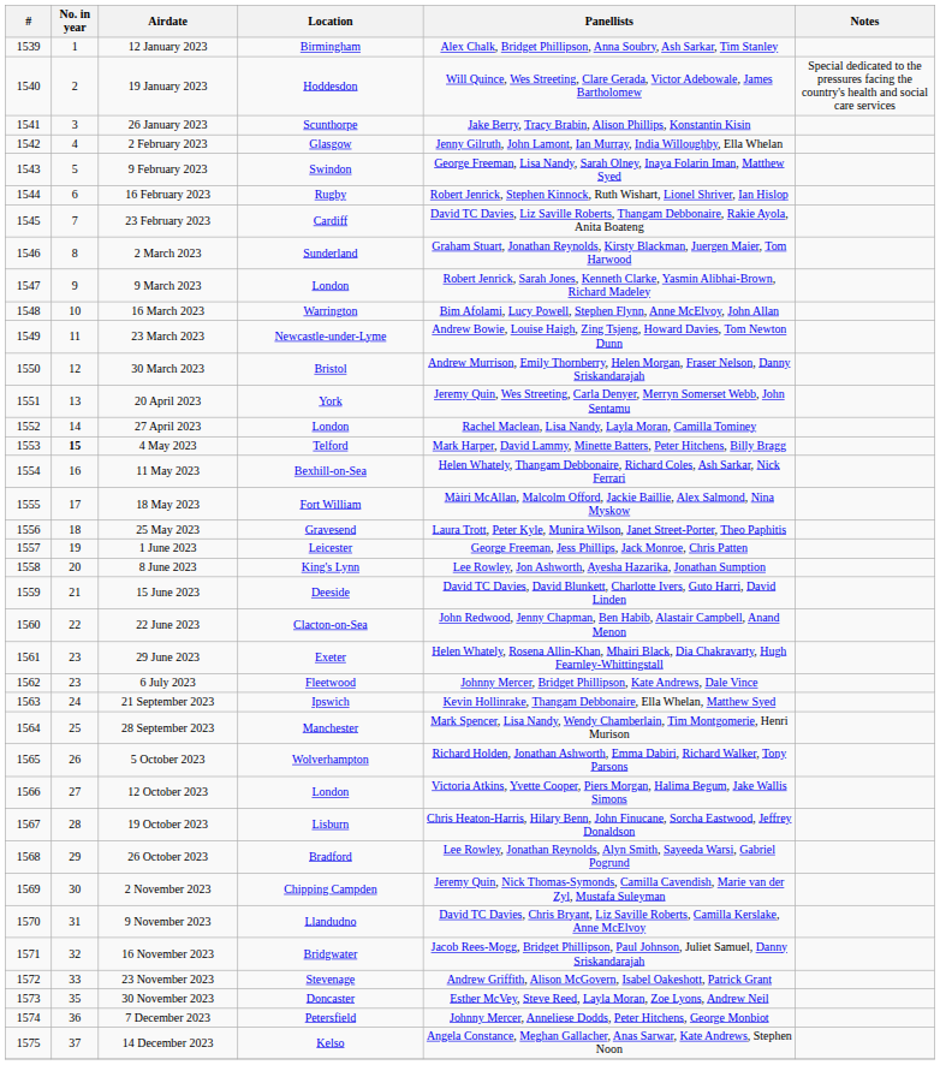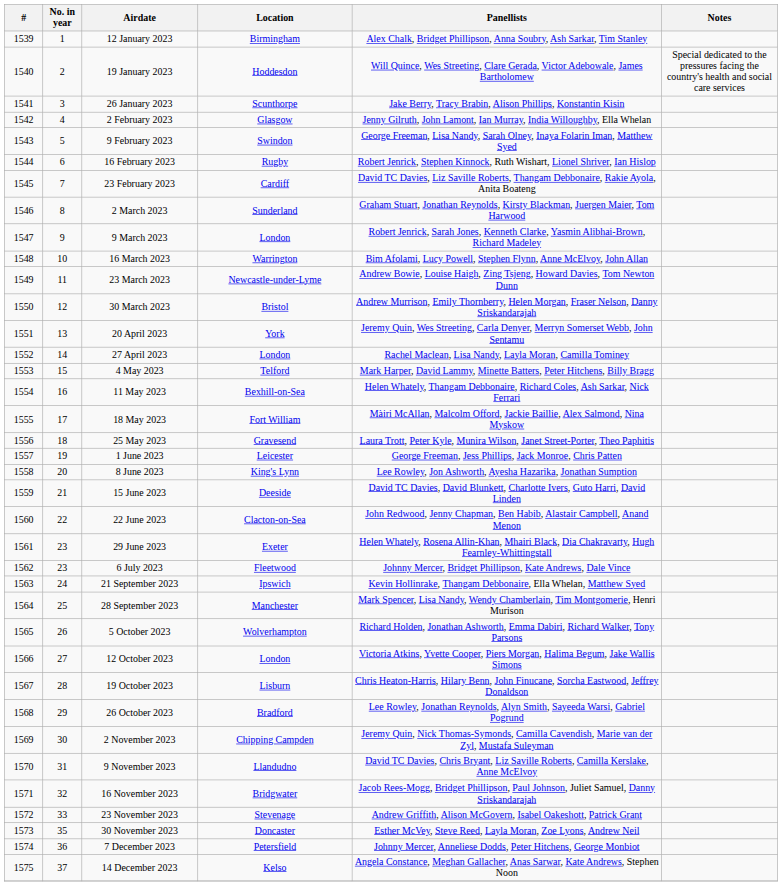 <table class="wikitable" style="text-align:center;">
 <tr>
 <th style="width:5%;">#</th>
 <th style="width:5%;">No. in year</th>
 <th style="width:15%;">Airdate</th>
 <th style="width:20%;">Location</th>
 <th style="width:40%;">Panellists</th>
 <th style="width:40%;">Notes</th>
 </tr>
 <tr>
 <td>1539</td>
 <td>1</td>
 <td>12 January 2023</td>
 <td><a href='#'>Birmingham</a></td>
 <td><a href='#'>Alex Chalk</a>, <a href='#'>Bridget Phillipson</a>, <a href='#'>Anna Soubry</a>, <a href='#'>Ash Sarkar</a>, <a href='#'>Tim Stanley</a></td>
 <td></td>
 </tr>
 <tr>
 <td>1540</td>
 <td>2</td>
 <td>19 January 2023</td>
 <td><a href='#'>Hoddesdon</a></td>
 <td><a href='#'>Will Quince</a>, <a href='#'>Wes Streeting</a>, <a href='#'>Clare Gerada</a>, <a href='#'>Victor Adebowale</a>, <a href='#'>James Bartholomew</a></td>
 <td>Special dedicated to the pressures facing the country's health and social care services</td>
 </tr>
 <tr>
 <td>1541</td>
 <td>3</td>
 <td>26 January 2023</td>
 <td><a href='#'>Scunthorpe</a></td>
 <td><a href='#'>Jake Berry</a>, <a href='#'>Tracy Brabin</a>, <a href='#'>Alison Phillips</a>, <a href='#'>Konstantin Kisin</a></td>
 <td></td>
 </tr>
 <tr>
 <td>1542</td>
 <td>4</td>
 <td>2 February 2023</td>
 <td><a href='#'>Glasgow</a></td>
 <td><a href='#'>Jenny Gilruth</a>, <a href='#'>John Lamont</a>, <a href='#'>Ian Murray</a>, <a href='#'>India Willoughby</a>, Ella Whelan</td>
 <td></td>
 </tr>
 <tr>
 <td>1543</td>
 <td>5</td>
 <td>9 February 2023</td>
 <td><a href='#'>Swindon</a></td>
 <td><a href='#'>George Freeman</a>, <a href='#'>Lisa Nandy</a>, <a href='#'>Sarah Olney</a>, <a href='#'>Inaya Folarin Iman</a>, <a href='#'>Matthew Syed</a></td>
 <td></td>
 </tr>
 <tr>
 <td>1544</td>
 <td>6</td>
 <td>16 February 2023</td>
 <td><a href='#'>Rugby</a></td>
 <td><a href='#'>Robert Jenrick</a>, <a href='#'>Stephen Kinnock</a>, Ruth Wishart, <a href='#'>Lionel Shriver</a>, <a href='#'>Ian Hislop</a></td>
 <td></td>
 </tr>
 <tr>
 <td>1545</td>
 <td>7</td>
 <td>23 February 2023</td>
 <td><a href='#'>Cardiff</a></td>
 <td><a href='#'>David TC Davies</a>, <a href='#'>Liz Saville Roberts</a>, <a href='#'>Thangam Debbonaire</a>, <a href='#'>Rakie Ayola</a>, Anita Boateng</td>
 <td></td>
 </tr>
 <tr>
 <td>1546</td>
 <td>8</td>
 <td>2 March 2023</td>
 <td><a href='#'>Sunderland</a></td>
 <td><a href='#'>Graham Stuart</a>, <a href='#'>Jonathan Reynolds</a>, <a href='#'>Kirsty Blackman</a>, <a href='#'>Juergen Maier</a>, <a href='#'>Tom Harwood</a></td>
 <td></td>
 </tr>
 <tr>
 <td>1547</td>
 <td>9</td>
 <td>9 March 2023</td>
 <td><a href='#'>London</a></td>
 <td><a href='#'>Robert Jenrick</a>, <a href='#'>Sarah Jones</a>, <a href='#'>Kenneth Clarke</a>, <a href='#'>Yasmin Alibhai-Brown</a>, <a href='#'>Richard Madeley</a></td>
 <td></td>
 </tr>
 <tr>
 <td>1548</td>
 <td>10</td>
 <td>16 March 2023</td>
 <td><a href='#'>Warrington</a></td>
 <td><a href='#'>Bim Afolami</a>, <a href='#'>Lucy Powell</a>, <a href='#'>Stephen Flynn</a>, <a href='#'>Anne McElvoy</a>, <a href='#'>John Allan</a></td>
 <td></td>
 </tr>
 <tr>
 <td>1549</td>
 <td>11</td>
 <td>23 March 2023</td>
 <td><a href='#'>Newcastle-under-Lyme</a></td>
 <td><a href='#'>Andrew Bowie</a>, <a href='#'>Louise Haigh</a>, <a href='#'>Zing Tsjeng</a>, <a href='#'>Howard Davies</a>, <a href='#'>Tom Newton Dunn</a></td>
 <td></td>
 </tr>
 <tr>
 <td>1550</td>
 <td>12</td>
 <td>30 March 2023</td>
 <td><a href='#'>Bristol</a></td>
 <td><a href='#'>Andrew Murrison</a>, <a href='#'>Emily Thornberry</a>, <a href='#'>Helen Morgan</a>, <a href='#'>Fraser Nelson</a>, <a href='#'>Danny Sriskandarajah</a></td>
 <td></td>
 </tr>
 <tr>
 <td>1551</td>
 <td>13</td>
 <td>20 April 2023</td>
 <td><a href='#'>York</a></td>
 <td><a href='#'>Jeremy Quin</a>, <a href='#'>Wes Streeting</a>, <a href='#'>Carla Denyer</a>, <a href='#'>Merryn Somerset Webb</a>, <a href='#'>John Sentamu</a></td>
 <td></td>
 </tr>
 <tr>
 <td>1552</td>
 <td>14</td>
 <td>27 April 2023</td>
 <td><a href='#'>London</a></td>
 <td><a href='#'>Rachel Maclean</a>, <a href='#'>Lisa Nandy</a>, <a href='#'>Layla Moran</a>, <a href='#'>Camilla Tominey</a></td>
 <td></td>
 </tr>
 <tr>
 <td>1553</td>
-<td><strong>15</strong></td>
+<td>15</td>
 <td>4 May 2023</td>
 <td><a href='#'>Telford</a></td>
 <td><a href='#'>Mark Harper</a>, <a href='#'>David Lammy</a>, <a href='#'>Minette Batters</a>, <a href='#'>Peter Hitchens</a>, <a href='#'>Billy Bragg</a></td>
 <td></td>
 </tr>
 <tr>
 <td>1554</td>
 <td>16</td>
 <td>11 May 2023</td>
 <td><a href='#'>Bexhill-on-Sea</a></td>
 <td><a href='#'>Helen Whately</a>, <a href='#'>Thangam Debbonaire</a>, <a href='#'>Richard Coles</a>, <a href='#'>Ash Sarkar</a>, <a href='#'>Nick Ferrari</a></td>
 <td></td>
 </tr>
 <tr>
 <td>1555</td>
 <td>17</td>
 <td>18 May 2023</td>
 <td><a href='#'>Fort William</a></td>
 <td><a href='#'>Màiri McAllan</a>, <a href='#'>Malcolm Offord</a>, <a href='#'>Jackie Baillie</a>, <a href='#'>Alex Salmond</a>, <a href='#'>Nina Myskow</a></td>
 <td></td>
 </tr>
 <tr>
 <td>1556</td>
 <td>18</td>
 <td>25 May 2023</td>
 <td><a href='#'>Gravesend</a></td>
 <td><a href='#'>Laura Trott</a>, <a href='#'>Peter Kyle</a>, <a href='#'>Munira Wilson</a>, <a href='#'>Janet Street-Porter</a>, <a href='#'>Theo Paphitis</a></td>
 <td></td>
 </tr>
 <tr>
 <td>1557</td>
 <td>19</td>
 <td>1 June 2023</td>
 <td><a href='#'>Leicester</a></td>
 <td><a href='#'>George Freeman</a>, <a href='#'>Jess Phillips</a>, <a href='#'>Jack Monroe</a>, <a href='#'>Chris Patten</a></td>
 <td></td>
 </tr>
 <tr>
 <td>1558</td>
 <td>20</td>
 <td>8 June 2023</td>
 <td><a href='#'>King's Lynn</a></td>
 <td><a href='#'>Lee Rowley</a>, <a href='#'>Jon Ashworth</a>, <a href='#'>Ayesha Hazarika</a>, <a href='#'>Jonathan Sumption</a></td>
 <td></td>
 </tr>
 <tr>
 <td>1559</td>
 <td>21</td>
 <td>15 June 2023</td>
 <td><a href='#'>Deeside</a></td>
 <td><a href='#'>David TC Davies</a>, <a href='#'>David Blunkett</a>, <a href='#'>Charlotte Ivers</a>, <a href='#'>Guto Harri</a>, <a href='#'>David Linden</a></td>
 <td></td>
 </tr>
 <tr>
 <td>1560</td>
 <td>22</td>
 <td>22 June 2023</td>
 <td><a href='#'>Clacton-on-Sea</a></td>
 <td><a href='#'>John Redwood</a>, <a href='#'>Jenny Chapman</a>, <a href='#'>Ben Habib</a>, <a href='#'>Alastair Campbell</a>, <a href='#'>Anand Menon</a></td>
 <td></td>
 </tr>
 <tr>
 <td>1561</td>
 <td>23</td>
 <td>29 June 2023</td>
 <td><a href='#'>Exeter</a></td>
 <td><a href='#'>Helen Whately</a>, <a href='#'>Rosena Allin-Khan</a>, <a href='#'>Mhairi Black</a>, <a href='#'>Dia Chakravarty</a>, <a href='#'>Hugh Fearnley-Whittingstall</a></td>
 <td></td>
 </tr>
 <tr>
 <td>1562</td>
 <td>23</td>
 <td>6 July 2023</td>
 <td><a href='#'>Fleetwood</a></td>
 <td><a href='#'>Johnny Mercer</a>, <a href='#'>Bridget Phillipson</a>, <a href='#'>Kate Andrews</a>, <a href='#'>Dale Vince</a></td>
 <td></td>
 </tr>
 <tr>
 <td>1563</td>
 <td>24</td>
 <td>21 September 2023</td>
 <td><a href='#'>Ipswich</a></td>
 <td><a href='#'>Kevin Hollinrake</a>, <a href='#'>Thangam Debbonaire</a>, Ella Whelan, <a href='#'>Matthew Syed</a></td>
 <td></td>
 </tr>
 <tr>
 <td>1564</td>
 <td>25</td>
 <td>28 September 2023</td>
 <td><a href='#'>Manchester</a></td>
 <td><a href='#'>Mark Spencer</a>, <a href='#'>Lisa Nandy</a>, <a href='#'>Wendy Chamberlain</a>, <a href='#'>Tim Montgomerie</a>, Henri Murison</td>
 <td></td>
 </tr>
 <tr>
 <td>1565</td>
 <td>26</td>
 <td>5 October 2023</td>
 <td><a href='#'>Wolverhampton</a></td>
 <td><a href='#'>Richard Holden</a>, <a href='#'>Jonathan Ashworth</a>, <a href='#'>Emma Dabiri</a>, <a href='#'>Richard Walker</a>, <a href='#'>Tony Parsons</a></td>
 <td></td>
 </tr>
 <tr>
 <td>1566</td>
 <td>27</td>
 <td>12 October 2023</td>
 <td><a href='#'>London</a></td>
 <td><a href='#'>Victoria Atkins</a>, <a href='#'>Yvette Cooper</a>, <a href='#'>Piers Morgan</a>, <a href='#'>Halima Begum</a>, <a href='#'>Jake Wallis Simons</a></td>
 <td></td>
 </tr>
 <tr>
 <td>1567</td>
 <td>28</td>
 <td>19 October 2023</td>
 <td><a href='#'>Lisburn</a></td>
 <td><a href='#'>Chris Heaton-Harris</a>, <a href='#'>Hilary Benn</a>, <a href='#'>John Finucane</a>, <a href='#'>Sorcha Eastwood</a>, <a href='#'>Jeffrey Donaldson</a></td>
 <td></td>
 </tr>
 <tr>
 <td>1568</td>
 <td>29</td>
 <td>26 October 2023</td>
 <td><a href='#'>Bradford</a></td>
 <td><a href='#'>Lee Rowley</a>, <a href='#'>Jonathan Reynolds</a>, <a href='#'>Alyn Smith</a>, <a href='#'>Sayeeda Warsi</a>, <a href='#'>Gabriel Pogrund</a></td>
 <td></td>
 </tr>
 <tr>
 <td>1569</td>
 <td>30</td>
 <td>2 November 2023</td>
 <td><a href='#'>Chipping Campden</a></td>
 <td><a href='#'>Jeremy Quin</a>, <a href='#'>Nick Thomas-Symonds</a>, <a href='#'>Camilla Cavendish</a>, <a href='#'>Marie van der Zyl</a>, <a href='#'>Mustafa Suleyman</a></td>
 <td></td>
 </tr>
 <tr>
 <td>1570</td>
 <td>31</td>
 <td>9 November 2023</td>
 <td><a href='#'>Llandudno</a></td>
 <td><a href='#'>David TC Davies</a>, <a href='#'>Chris Bryant</a>, <a href='#'>Liz Saville Roberts</a>, <a href='#'>Camilla Kerslake</a>, <a href='#'>Anne McElvoy</a></td>
 <td></td>
 </tr>
 <tr>
 <td>1571</td>
 <td>32</td>
 <td>16 November 2023</td>
 <td><a href='#'>Bridgwater</a></td>
 <td><a href='#'>Jacob Rees-Mogg</a>, <a href='#'>Bridget Phillipson</a>, <a href='#'>Paul Johnson</a>, Juliet Samuel, <a href='#'>Danny Sriskandarajah</a></td>
 <td></td>
 </tr>
 <tr>
 <td>1572</td>
 <td>33</td>
 <td>23 November 2023</td>
 <td><a href='#'>Stevenage</a></td>
 <td><a href='#'>Andrew Griffith</a>, <a href='#'>Alison McGovern</a>, <a href='#'>Isabel Oakeshott</a>, <a href='#'>Patrick Grant</a></td>
 <td></td>
 </tr>
 <tr>
 <td>1573</td>
 <td>35</td>
 <td>30 November 2023</td>
 <td><a href='#'>Doncaster</a></td>
 <td><a href='#'>Esther McVey</a>, <a href='#'>Steve Reed</a>, <a href='#'>Layla Moran</a>, <a href='#'>Zoe Lyons</a>, <a href='#'>Andrew Neil</a></td>
 <td></td>
 </tr>
 <tr>
 <td>1574</td>
 <td>36</td>
 <td>7 December 2023</td>
 <td><a href='#'>Petersfield</a></td>
 <td><a href='#'>Johnny Mercer</a>, <a href='#'>Anneliese Dodds</a>, <a href='#'>Peter Hitchens</a>, <a href='#'>George Monbiot</a></td>
 <td></td>
 </tr>
 <tr>
 <td>1575</td>
 <td>37</td>
 <td>14 December 2023</td>
 <td><a href='#'>Kelso</a></td>
 <td><a href='#'>Angela Constance</a>, <a href='#'>Meghan Gallacher</a>, <a href='#'>Anas Sarwar</a>, <a href='#'>Kate Andrews</a>, Stephen Noon</td>
 <td></td>
 </tr>
 <tr>
 </tr>
 </table>
